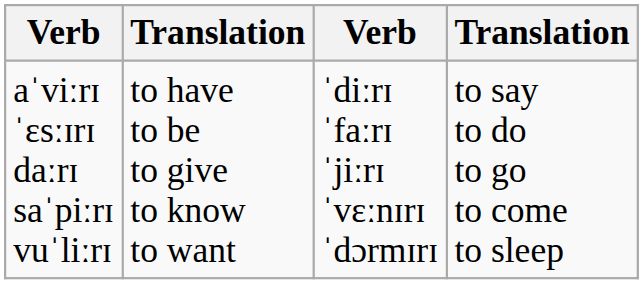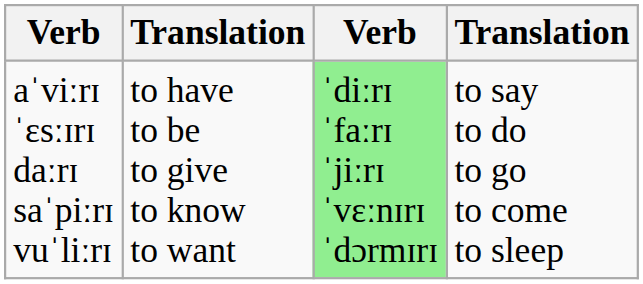 <table class="wikitable">
 <tr>
 <th>Verb</th>
 <th>Translation</th>
 <th>Verb</th>
 <th>Translation</th>
 </tr>
 <tr>
 <td>aˈviːrɪ <br> ˈɛsːɪrɪ <br> daːrɪ <br> saˈpiːrɪ <br> vuˈliːrɪ</td>
 <td>to have <br> to be <br> to give <br> to know <br> to want</td>
-<td>ˈdiːrɪ <br> ˈfaːrɪ <br>ˈjiːrɪ <br> ˈvɛːnɪrɪ  <br>ˈdɔrmɪrɪ</td>
+<td style="background: lightgreen;">ˈdiːrɪ <br> ˈfaːrɪ <br>ˈjiːrɪ <br> ˈvɛːnɪrɪ  <br>ˈdɔrmɪrɪ</td>
 <td>to say <br> to do <br> to go <br> to come  <br> to sleep</td>
 </tr>
 </table>
